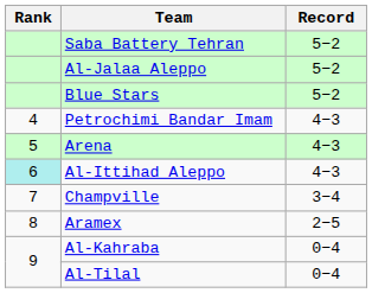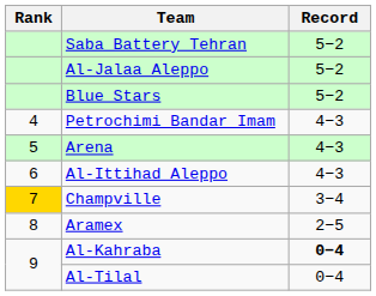 <table class="wikitable" style="text-align: center;">
 <tr>
 <th width=40>Rank</th>
 <th width=180>Team</th>
 <th width=60>Record</th>
 </tr>
 <tr bgcolor="#ccffcc">
 <td></td>
 <td align=left> <a href='#'>Saba Battery Tehran</a></td>
 <td>5−2</td>
 </tr>
 <tr bgcolor="#ccffcc">
 <td></td>
 <td align=left> <a href='#'>Al-Jalaa Aleppo</a></td>
 <td>5−2</td>
 </tr>
 <tr bgcolor="#ccffcc">
 <td></td>
 <td align=left> <a href='#'>Blue Stars</a></td>
 <td>5−2</td>
 </tr>
 <tr>
 <td>4</td>
 <td align=left> <a href='#'>Petrochimi Bandar Imam</a></td>
 <td>4−3</td>
 </tr>
 <tr bgcolor="#ccffcc">
 <td>5</td>
 <td align=left> <a href='#'>Arena</a></td>
 <td>4−3</td>
 </tr>
 <tr>
-<td style="background: paleturquoise;">6</td>
+<td>6</td>
 <td align=left> <a href='#'>Al-Ittihad Aleppo</a></td>
 <td>4−3</td>
 </tr>
 <tr>
-<td>7</td>
+<td style="background: gold;">7</td>
 <td align=left> <a href='#'>Champville</a></td>
 <td>3−4</td>
 </tr>
 <tr>
 <td>8</td>
 <td align=left> <a href='#'>Aramex</a></td>
 <td>2−5</td>
 </tr>
 <tr>
 <td rowspan=2>9</td>
 <td align=left> <a href='#'>Al-Kahraba</a></td>
-<td>0−4</td>
+<td><strong>0−4</strong></td>
 </tr>
 <tr>
 <td align=left> <a href='#'>Al-Tilal</a></td>
 <td>0−4</td>
 </tr>
 </table>
